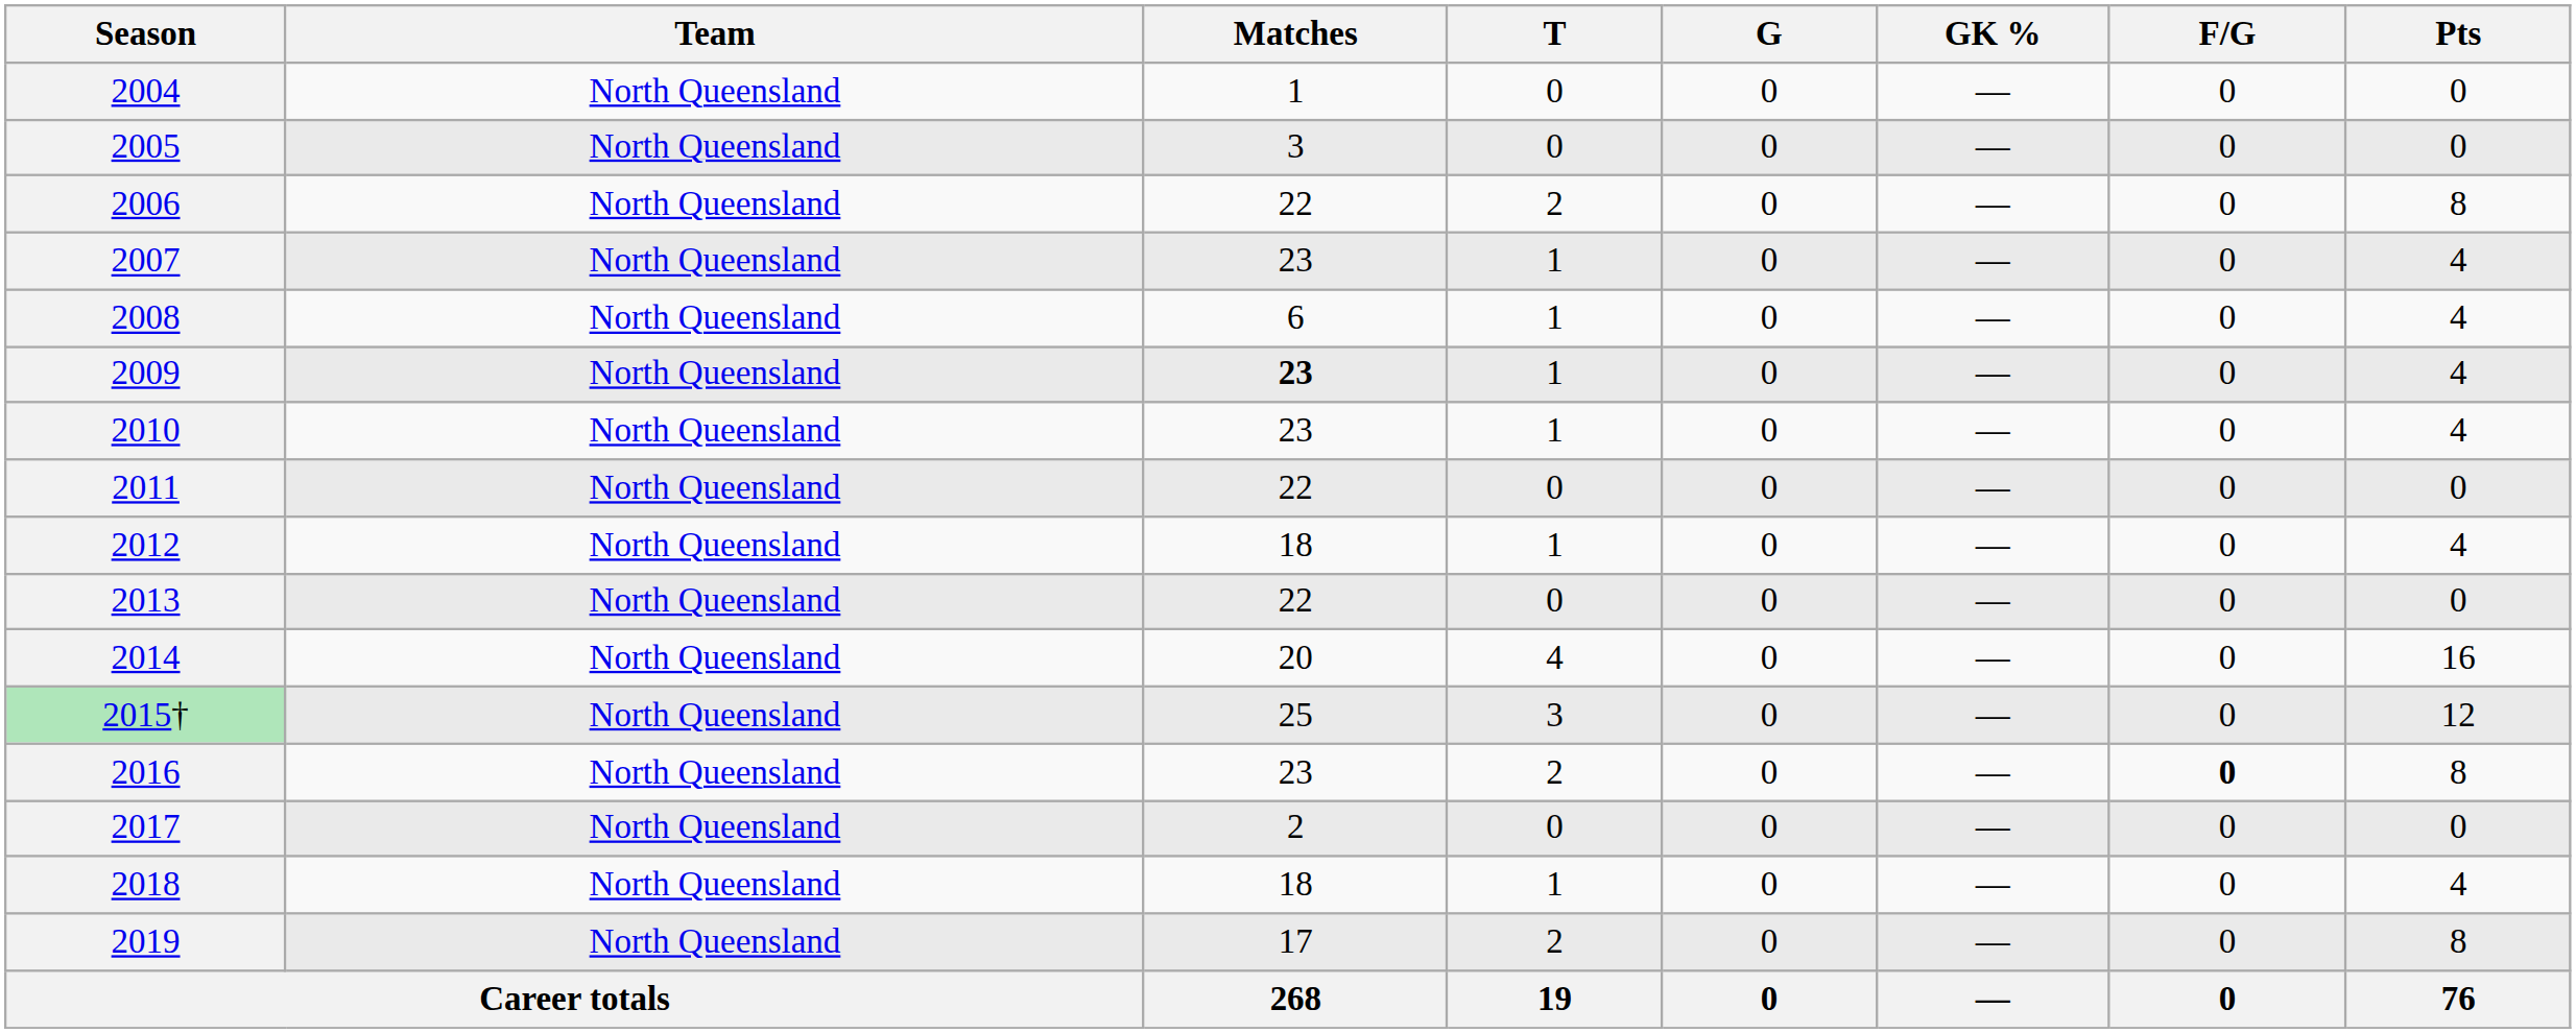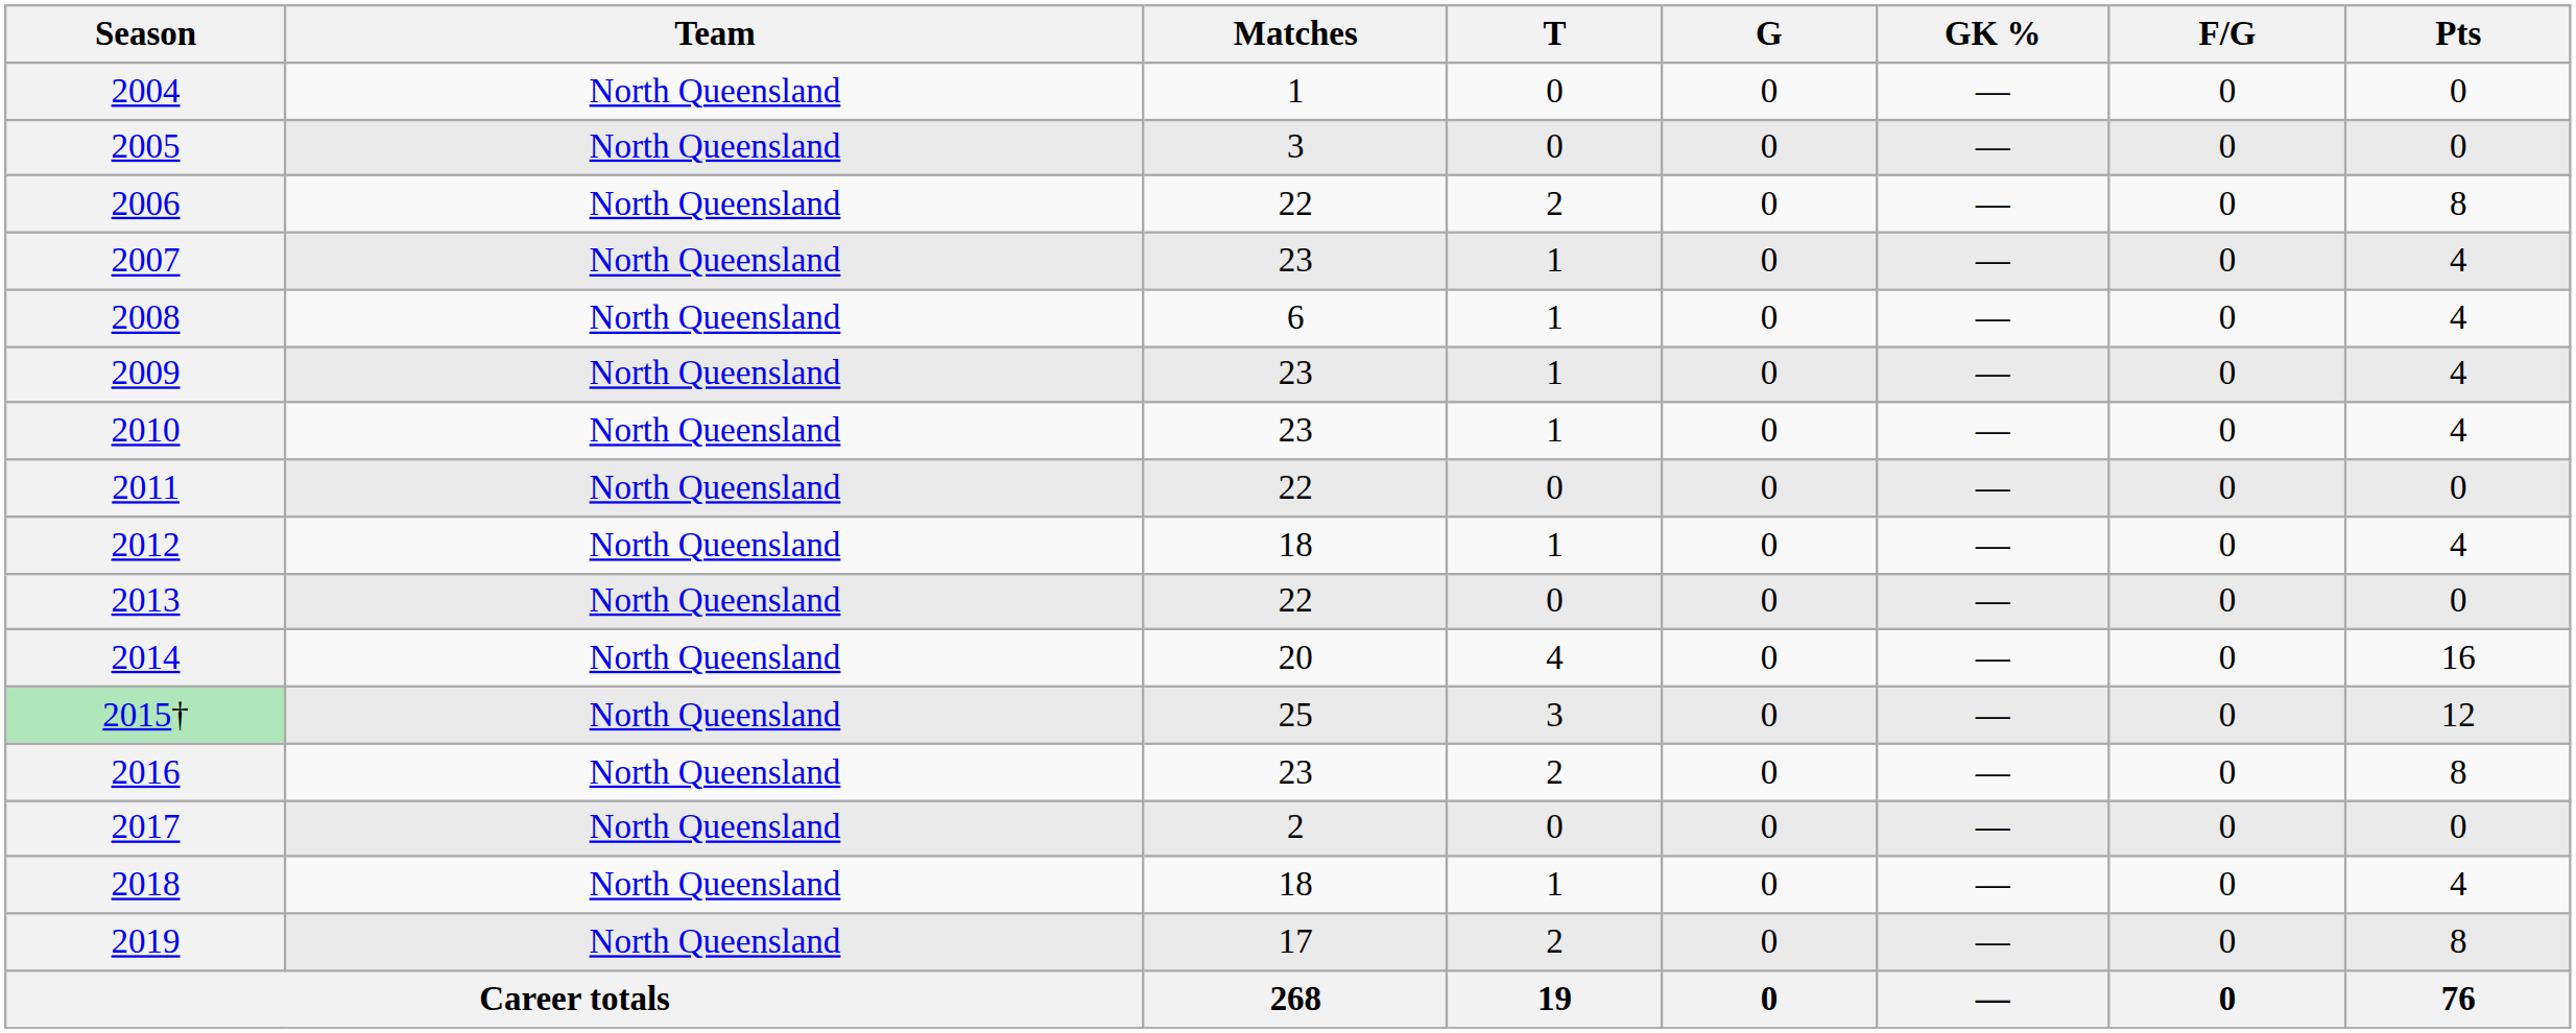 <table class="wikitable sortable"  style="font-size:90%; text-align:center; width:85%;">
 <tr>
 <th width=2%>Season</th>
 <th width=8%>Team</th>
 <th width=2%>Matches</th>
 <th width=2%>T</th>
 <th width=2%>G</th>
 <th width=2%>GK %</th>
 <th width=2%>F/G</th>
 <th width=2%>Pts</th>
 </tr>
 <tr>
 <th scope="row" style="text-align:center; font-weight:normal"><a href='#'>2004</a></th>
 <td style="text-align:center;"> <a href='#'>North Queensland</a></td>
 <td>1</td>
 <td>0</td>
 <td>0</td>
 <td>—</td>
 <td>0</td>
 <td>0</td>
 </tr>
 <tr style="background-color: #EAEAEA">
 <th scope="row" style="text-align:center; font-weight:normal"><a href='#'>2005</a></th>
 <td style="text-align:center;"> <a href='#'>North Queensland</a></td>
 <td>3</td>
 <td>0</td>
 <td>0</td>
 <td>—</td>
 <td>0</td>
 <td>0</td>
 </tr>
 <tr>
 <th scope="row" style="text-align:center; font-weight:normal"><a href='#'>2006</a></th>
 <td style="text-align:center;"> <a href='#'>North Queensland</a></td>
 <td>22</td>
 <td>2</td>
 <td>0</td>
 <td>—</td>
 <td>0</td>
 <td>8</td>
 </tr>
 <tr style="background-color: #EAEAEA">
 <th scope="row" style="text-align:center; font-weight:normal"><a href='#'>2007</a></th>
 <td style="text-align:center;"> <a href='#'>North Queensland</a></td>
 <td>23</td>
 <td>1</td>
 <td>0</td>
 <td>—</td>
 <td>0</td>
 <td>4</td>
 </tr>
 <tr>
 <th scope="row" style="text-align:center; font-weight:normal"><a href='#'>2008</a></th>
 <td style="text-align:center;"> <a href='#'>North Queensland</a></td>
 <td>6</td>
 <td>1</td>
 <td>0</td>
 <td>—</td>
 <td>0</td>
 <td>4</td>
 </tr>
 <tr style="background-color: #EAEAEA">
 <th scope="row" style="text-align:center; font-weight:normal"><a href='#'>2009</a></th>
 <td style="text-align:center;"> <a href='#'>North Queensland</a></td>
-<td><strong>23</strong></td>
+<td>23</td>
 <td>1</td>
 <td>0</td>
 <td>—</td>
 <td>0</td>
 <td>4</td>
 </tr>
 <tr>
 <th scope="row" style="text-align:center; font-weight:normal"><a href='#'>2010</a></th>
 <td style="text-align:center;"> <a href='#'>North Queensland</a></td>
 <td>23</td>
 <td>1</td>
 <td>0</td>
 <td>—</td>
 <td>0</td>
 <td>4</td>
 </tr>
 <tr style="background-color: #EAEAEA">
 <th scope="row" style="text-align:center; font-weight:normal"><a href='#'>2011</a></th>
 <td style="text-align:center;"> <a href='#'>North Queensland</a></td>
 <td>22</td>
 <td>0</td>
 <td>0</td>
 <td>—</td>
 <td>0</td>
 <td>0</td>
 </tr>
 <tr>
 <th scope="row" style="text-align:center; font-weight:normal"><a href='#'>2012</a></th>
 <td style="text-align:center;"> <a href='#'>North Queensland</a></td>
 <td>18</td>
 <td>1</td>
 <td>0</td>
 <td>—</td>
 <td>0</td>
 <td>4</td>
 </tr>
 <tr style="background-color: #EAEAEA">
 <th scope="row" style="text-align:center; font-weight:normal"><a href='#'>2013</a></th>
 <td style="text-align:center;"> <a href='#'>North Queensland</a></td>
 <td>22</td>
 <td>0</td>
 <td>0</td>
 <td>—</td>
 <td>0</td>
 <td>0</td>
 </tr>
 <tr>
 <th scope="row" style="text-align:center; font-weight:normal"><a href='#'>2014</a></th>
 <td style="text-align:center;"> <a href='#'>North Queensland</a></td>
 <td>20</td>
 <td>4</td>
 <td>0</td>
 <td>—</td>
 <td>0</td>
 <td>16</td>
 </tr>
 <tr style="background-color: #EAEAEA">
 <th scope="row" style="text-align:center; font-weight:normal; background:#afe6ba;"><a href='#'>2015</a>†</th>
 <td style="text-align:center;"> <a href='#'>North Queensland</a></td>
 <td>25</td>
 <td>3</td>
 <td>0</td>
 <td>—</td>
 <td>0</td>
 <td>12</td>
 </tr>
 <tr>
 <th scope="row" style="text-align:center; font-weight:normal"><a href='#'>2016</a></th>
 <td style="text-align:center;"> <a href='#'>North Queensland</a></td>
 <td>23</td>
 <td>2</td>
 <td>0</td>
 <td>—</td>
-<td><strong>0</strong></td>
+<td>0</td>
 <td>8</td>
 </tr>
 <tr style="background-color: #EAEAEA">
 <th scope="row" style="text-align:center; font-weight:normal"><a href='#'>2017</a></th>
 <td style="text-align:center;"> <a href='#'>North Queensland</a></td>
 <td>2</td>
 <td>0</td>
 <td>0</td>
 <td>—</td>
 <td>0</td>
 <td>0</td>
 </tr>
 <tr>
 <th scope="row" style="text-align:center; font-weight:normal"><a href='#'>2018</a></th>
 <td style="text-align:center;"> <a href='#'>North Queensland</a></td>
 <td>18</td>
 <td>1</td>
 <td>0</td>
 <td>—</td>
 <td>0</td>
 <td>4</td>
 </tr>
 <tr style="background:#eaeaea;">
 <th scope="row" style="text-align:center; font-weight:normal"><a href='#'>2019</a></th>
 <td style="text-align:center;"> <a href='#'>North Queensland</a></td>
 <td>17</td>
 <td>2</td>
 <td>0</td>
 <td>—</td>
 <td>0</td>
 <td>8</td>
 </tr>
 <tr class="sortbottom">
 <th colspan=2>Career totals</th>
 <th>268</th>
 <th>19</th>
 <th>0</th>
 <th>—</th>
 <th>0</th>
 <th>76</th>
 </tr>
 </table>
